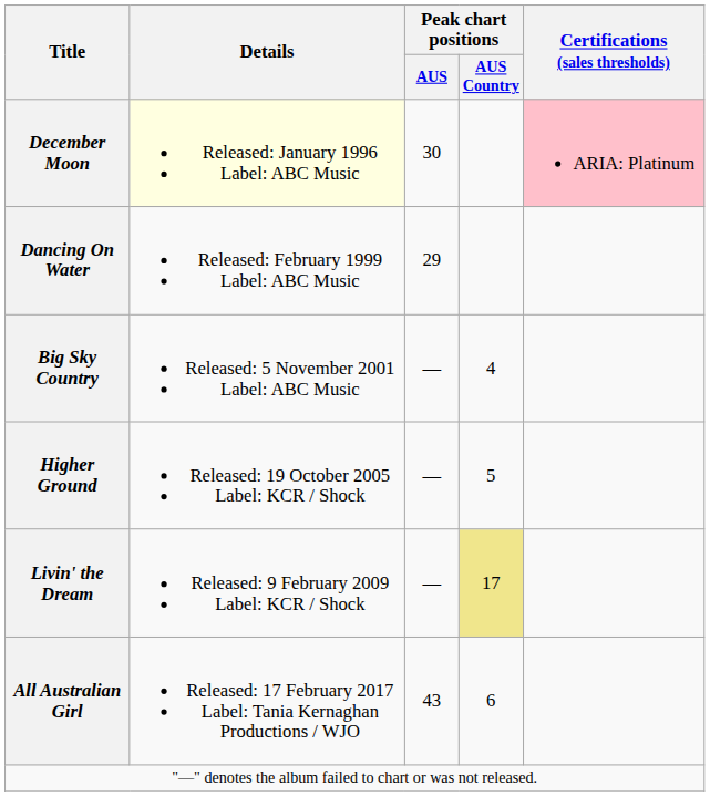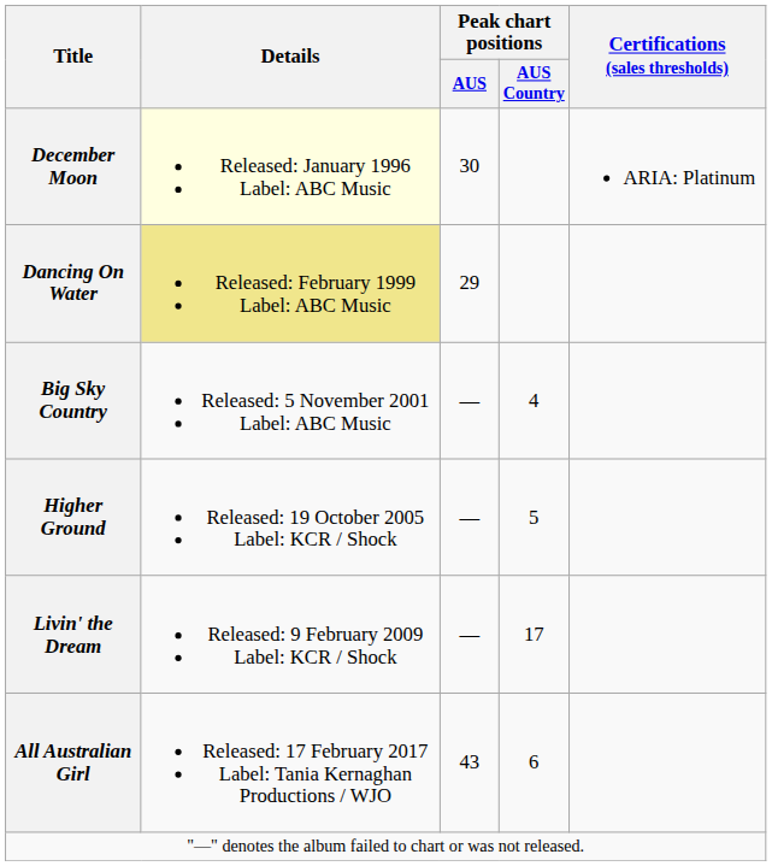 <table class="wikitable plainrowheaders" style="text-align:center;">
 <tr>
 <th rowspan="2">Title</th>
 <th rowspan="2">Details</th>
 <th colspan="2">Peak chart positions</th>
 <th rowspan="2" width="150"><a href='#'>Certifications</a><br><small><a href='#'>(sales thresholds)</a></small></th>
 </tr>
 <tr>
 <th style="width:3em;font-size:85%"><a href='#'>AUS</a><br></th>
 <th style="width:3em;font-size:85%"><a href='#'>AUS<br>Country</a></th>
 </tr>
 <tr>
 <th scope="row"><em>December Moon</em></th>
 <td style="background: lightyellow;"><br><ul><li>Released: January 1996</li><li>Label: ABC Music</li></ul></td>
 <td>30</td>
 <td></td>
-<td align="left" style="background: pink;"><br><ul><li>ARIA: Platinum</li></ul></td>
+<td align="left"><br><ul><li>ARIA: Platinum</li></ul></td>
 </tr>
 <tr>
 <th scope="row"><em>Dancing On Water</em></th>
-<td><br><ul><li>Released: February 1999</li><li>Label: ABC Music</li></ul></td>
+<td style="background: khaki;"><br><ul><li>Released: February 1999</li><li>Label: ABC Music</li></ul></td>
 <td>29</td>
 <td></td>
 <td align="left"></td>
 </tr>
 <tr>
 <th scope="row"><em>Big Sky Country</em></th>
 <td><br><ul><li>Released: 5 November 2001</li><li>Label: ABC Music</li></ul></td>
 <td>—</td>
 <td>4<br></td>
 <td align="left"></td>
 </tr>
 <tr>
 <th scope="row"><em>Higher Ground</em></th>
 <td><br><ul><li>Released: 19 October 2005</li><li>Label: KCR / Shock</li></ul></td>
 <td>—</td>
 <td>5<br></td>
 <td align=left></td>
 </tr>
 <tr>
 <th scope="row"><em>Livin' the Dream</em></th>
 <td><br><ul><li>Released: 9 February 2009</li><li>Label: KCR / Shock</li></ul></td>
 <td>—</td>
-<td style="background: khaki;">17<br></td>
+<td>17<br></td>
 <td align=left></td>
 </tr>
 <tr>
 <th scope="row"><em>All Australian Girl</em></th>
 <td><br><ul><li>Released: 17 February 2017</li><li>Label: Tania Kernaghan Productions / WJO</li></ul></td>
 <td>43</td>
 <td>6</td>
 <td></td>
 </tr>
 <tr>
 <td colspan="20" style="font-size:85%">"—" denotes the album failed to chart or was not released.</td>
 </tr>
 </table>
